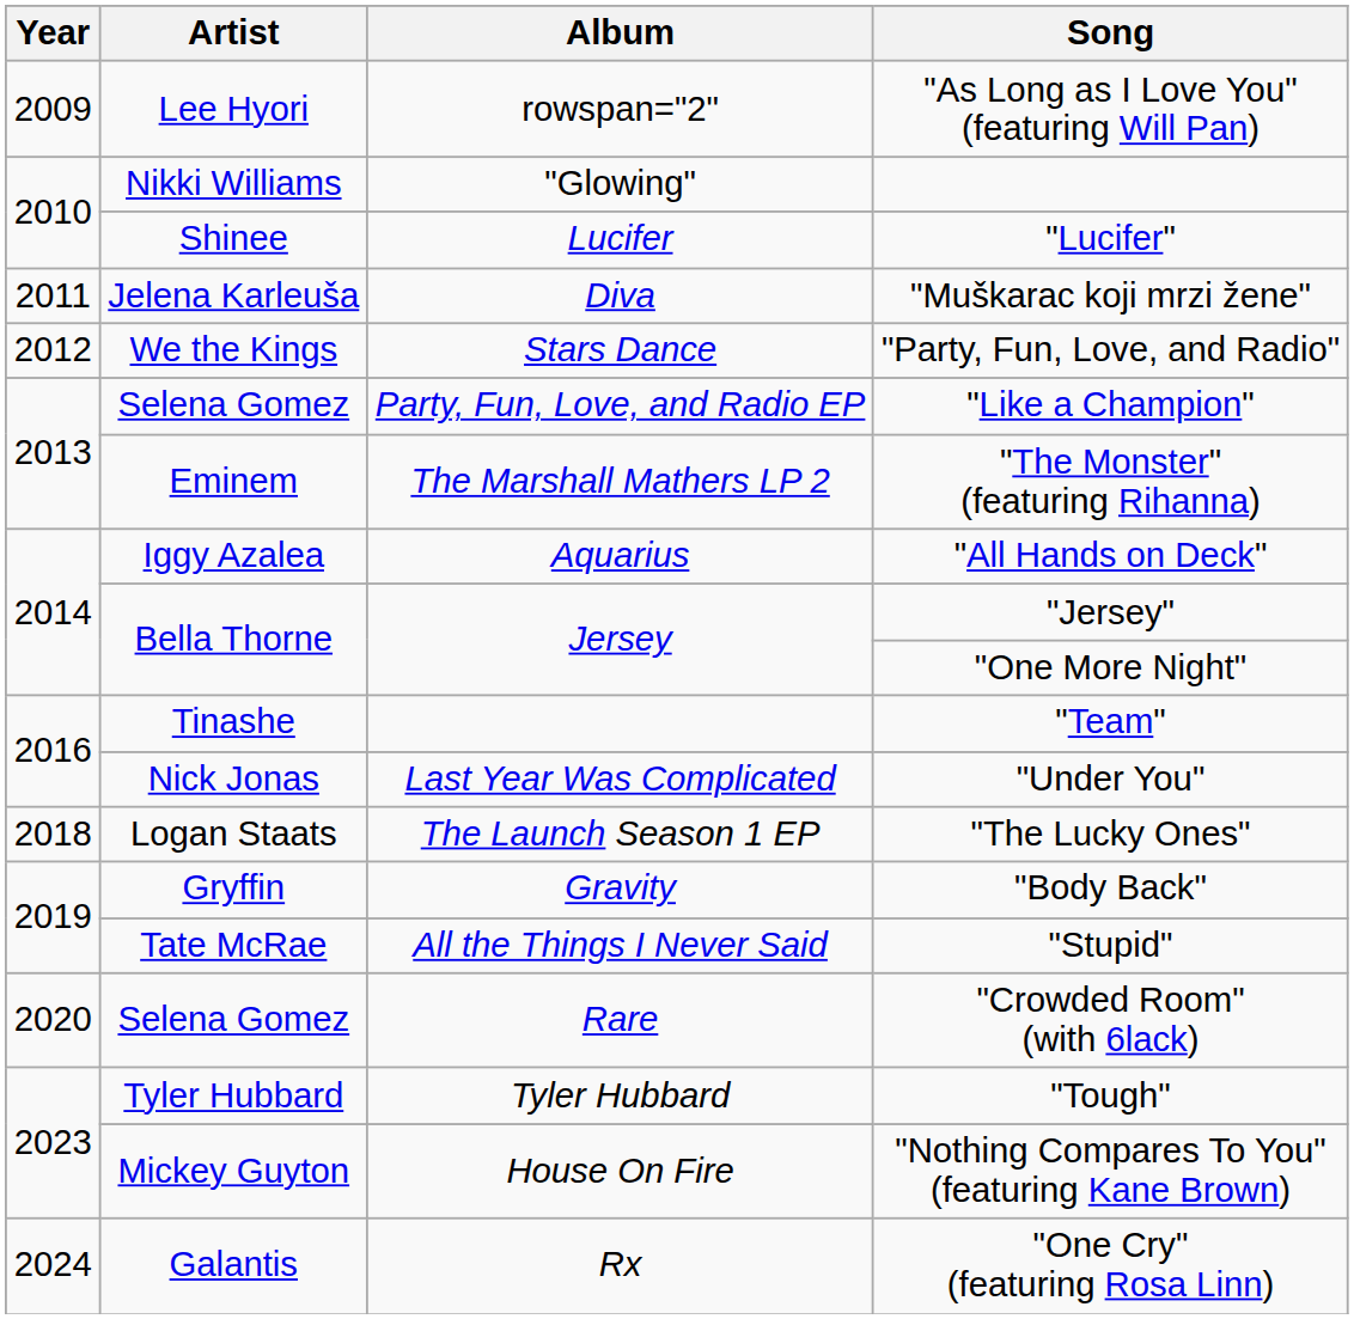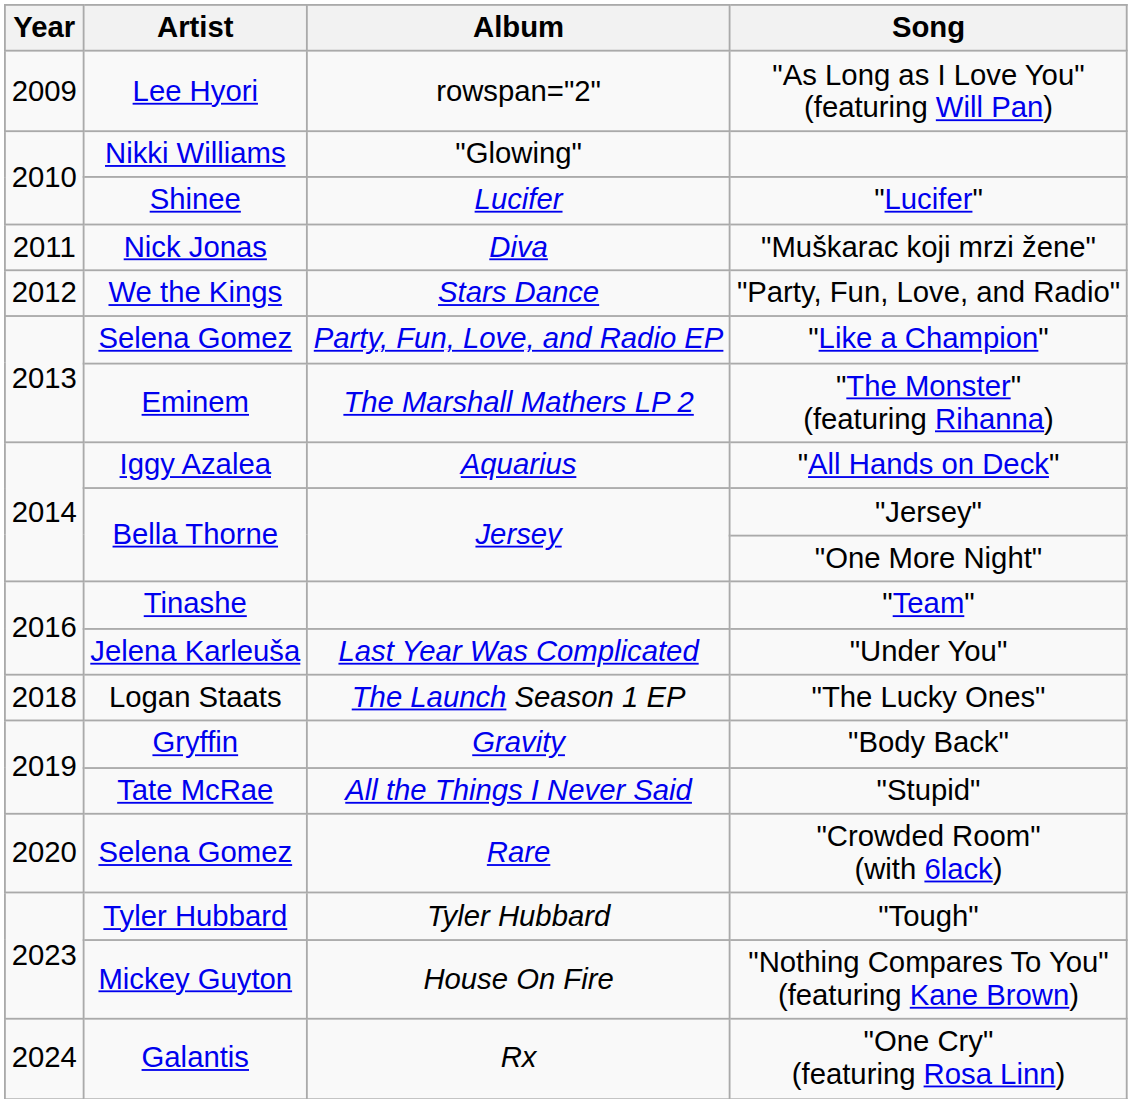 <table class="wikitable plainrowheaders" style="text-align:center;">
 <tr>
 <th scope="col">Year</th>
 <th scope="col">Artist</th>
 <th scope="col">Album</th>
 <th scope="col">Song</th>
 </tr>
 <tr>
 <td>2009</td>
 <td><a href='#'>Lee Hyori</a></td>
 <td>rowspan="2" </td>
 <td>"As Long as I Love You"<br><span>(featuring <a href='#'>Will Pan</a>)</span></td>
 </tr>
 <tr>
 <td rowspan="2">2010</td>
 <td><a href='#'>Nikki Williams</a></td>
 <td>"Glowing"</td>
 </tr>
 <tr Eyes Wide Shut (Shelved) (2013)>
 <td><a href='#'>Shinee</a></td>
 <td><em><a href='#'>Lucifer</a></em></td>
 <td>"<a href='#'>Lucifer</a>"</td>
 </tr>
 <tr>
 <td>2011</td>
-<td><a href='#'>Jelena Karleuša</a></td>
+<td><a href='#'>Nick Jonas</a></td>
 <td><em><a href='#'>Diva</a></em></td>
 <td>"Muškarac koji mrzi žene"</td>
 </tr>
 <tr>
 <td>2012</td>
 <td><a href='#'>We the Kings</a></td>
 <td><em><a href='#'>Stars Dance</a></em></td>
 <td>"Party, Fun, Love, and Radio"</td>
 </tr>
 <tr>
 <td rowspan="2">2013</td>
 <td><a href='#'>Selena Gomez</a></td>
 <td><em><a href='#'>Party, Fun, Love, and Radio EP</a></em></td>
 <td>"<a href='#'>Like a Champion</a>"</td>
 </tr>
 <tr>
 <td><a href='#'>Eminem</a></td>
 <td><em><a href='#'>The Marshall Mathers LP 2</a></em></td>
 <td>"<a href='#'>The Monster</a>"<br><span>(featuring <a href='#'>Rihanna</a>)</span></td>
 </tr>
 <tr>
 <td rowspan="3">2014</td>
 <td><a href='#'>Iggy Azalea</a></td>
 <td><em><a href='#'>Aquarius</a></em></td>
 <td>"<a href='#'>All Hands on Deck</a>"</td>
 </tr>
 <tr>
 <td rowspan="2"><a href='#'>Bella Thorne</a></td>
 <td rowspan="2"><em><a href='#'>Jersey</a></em></td>
 <td>"Jersey"</td>
 </tr>
 <tr>
 <td>"One More Night"</td>
 </tr>
 <tr>
 <td rowspan="2">2016</td>
 <td><a href='#'>Tinashe</a></td>
 <td></td>
 <td>"<a href='#'>Team</a>"</td>
 </tr>
 <tr>
-<td><a href='#'>Nick Jonas</a></td>
+<td><a href='#'>Jelena Karleuša</a></td>
 <td><em><a href='#'>Last Year Was Complicated</a></em></td>
 <td>"Under You"</td>
 </tr>
 <tr>
 <td>2018</td>
 <td>Logan Staats</td>
 <td><em><a href='#'>The Launch</a> Season 1 EP</em></td>
 <td>"The Lucky Ones"</td>
 </tr>
 <tr>
 <td rowspan="2">2019</td>
 <td><a href='#'>Gryffin</a></td>
 <td><em><a href='#'>Gravity</a></em></td>
 <td>"Body Back"<br></td>
 </tr>
 <tr>
 <td><a href='#'>Tate McRae</a></td>
 <td><em><a href='#'>All the Things I Never Said</a></em></td>
 <td>"Stupid"</td>
 </tr>
 <tr>
 <td>2020</td>
 <td><a href='#'>Selena Gomez</a></td>
 <td><em><a href='#'>Rare</a></em></td>
 <td>"Crowded Room"<br><span>(with <a href='#'>6lack</a>)</span></td>
 </tr>
 <tr>
 <td rowspan="2">2023</td>
 <td><a href='#'>Tyler Hubbard</a></td>
 <td><em>Tyler Hubbard</em></td>
 <td>"Tough"</td>
 </tr>
 <tr>
 <td><a href='#'>Mickey Guyton</a></td>
 <td><em>House On Fire</em></td>
 <td>"Nothing Compares To You"<br><span>(featuring <a href='#'>Kane Brown</a>)</span></td>
 </tr>
 <tr>
 <td>2024</td>
 <td><a href='#'>Galantis</a></td>
 <td><em>Rx</em></td>
 <td>"One Cry"<br><span>(featuring <a href='#'>Rosa Linn</a>)</span></td>
 </tr>
 </table>
